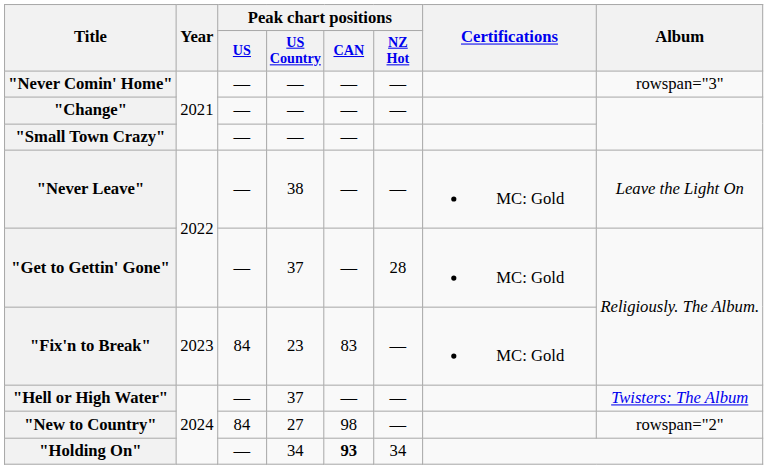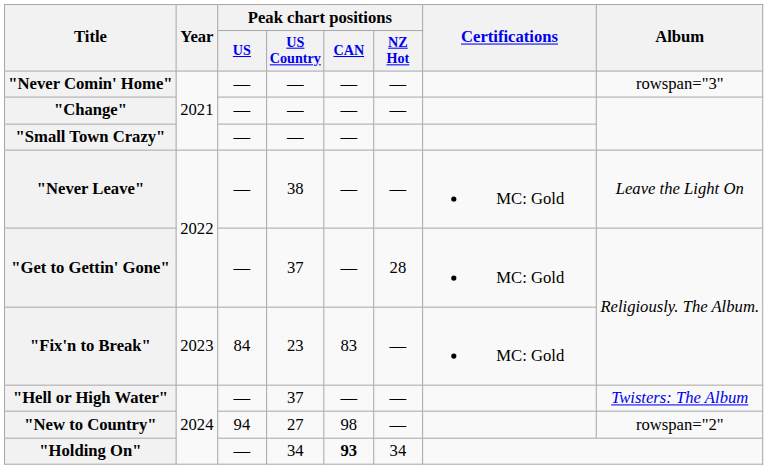 <table class="wikitable plainrowheaders" style="text-align:center;">
 <tr>
 <th scope="col" rowspan="2">Title</th>
 <th scope="col" rowspan="2">Year</th>
 <th scope="col" colspan="4">Peak chart positions</th>
 <th scope="col" rowspan="2" style="width:10em;"><a href='#'>Certifications</a></th>
 <th scope="col" rowspan="2">Album</th>
 </tr>
 <tr>
 <th scope="col" style="width:3em;font-size:85%;"><a href='#'>US</a><br></th>
 <th scope="col" style="width:3em;font-size:85%;"><a href='#'>US<br>Country</a><br></th>
 <th scope="col" style="width:3em;font-size:85%;"><a href='#'>CAN</a><br></th>
 <th scope="col" style="width:3em;font-size:85%;"><a href='#'>NZ<br>Hot</a><br></th>
 </tr>
 <tr>
 <th scope="row">"Never Comin' Home"</th>
 <td rowspan="3">2021</td>
 <td>—</td>
 <td>—</td>
 <td>—</td>
 <td>—</td>
 <td></td>
 <td>rowspan="3" </td>
 </tr>
 <tr>
 <th scope="row">"Change"</th>
 <td>—</td>
 <td>—</td>
 <td>—</td>
 <td>—</td>
 <td></td>
 </tr>
 <tr>
 <th scope="row">"Small Town Crazy"</th>
 <td>—</td>
 <td>—</td>
 <td>—</td>
 <td></td>
 <td></td>
 </tr>
 <tr>
 <th scope="row">"Never Leave"</th>
 <td rowspan="2">2022</td>
 <td>—</td>
 <td>38</td>
 <td>—</td>
 <td>—</td>
 <td><br><ul><li>MC: Gold</li></ul></td>
 <td><em>Leave the Light On</em></td>
 </tr>
 <tr>
 <th scope="row">"Get to Gettin' Gone"</th>
 <td>—</td>
 <td>37</td>
 <td>—</td>
 <td>28</td>
 <td><br><ul><li>MC: Gold</li></ul></td>
 <td rowspan="2"><em>Religiously. The Album.</em></td>
 </tr>
 <tr>
 <th scope="row">"Fix'n to Break"</th>
 <td>2023</td>
 <td>84</td>
 <td>23</td>
 <td>83</td>
 <td>—</td>
 <td><br><ul><li>MC: Gold</li></ul></td>
 </tr>
 <tr>
 <th scope="row">"Hell or High Water"</th>
 <td rowspan="3">2024</td>
 <td>—</td>
 <td>37</td>
 <td>—</td>
 <td>—</td>
 <td></td>
 <td><em><a href='#'>Twisters: The Album</a></em></td>
 </tr>
 <tr>
 <th scope="row">"New to Country"</th>
-<td>84</td>
+<td>94</td>
 <td>27</td>
 <td>98</td>
 <td>—</td>
 <td></td>
 <td>rowspan="2" </td>
 </tr>
 <tr>
 <th scope="row">"Holding On"</th>
 <td>—</td>
 <td>34</td>
 <td><strong>93</strong></td>
 <td>34</td>
 </tr>
 </table>
